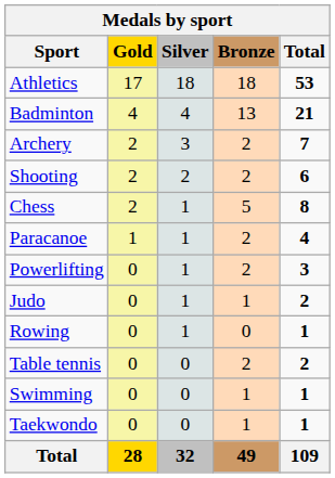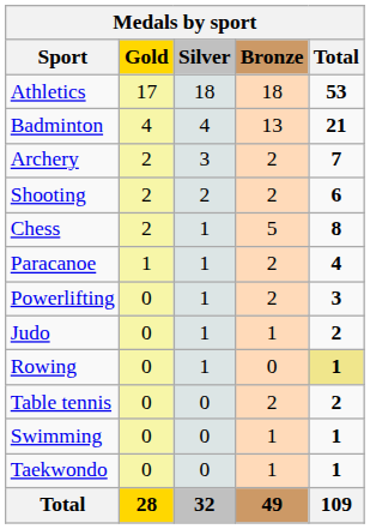 <table class="wikitable sortable collapsible"style="font-size:85%; text-align:center;">
 <tr style="background:#efefef;">
 <th colspan=5>Medals by sport</th>
 </tr>
 <tr>
 <th><strong>Sport</strong></th>
 <th style="background-color:gold;"><strong>Gold </strong></th>
 <th style="background-color:silver;"><strong>Silver </strong></th>
 <th style="background-color:#c96;"><strong>Bronze </strong></th>
 <th><strong>Total</strong></th>
 </tr>
 <tr>
 <td align=left> <a href='#'>Athletics</a></td>
 <td style="background:#F7F6A8;">17</td>
 <td style="background:#DCE5E5;">18</td>
 <td style="background:#FFDAB9;">18</td>
 <td><strong>53</strong></td>
 </tr>
 <tr>
 <td align=left> <a href='#'>Badminton</a></td>
 <td style="background:#F7F6A8;">4</td>
 <td style="background:#DCE5E5;">4</td>
 <td style="background:#FFDAB9;">13</td>
 <td><strong>21</strong></td>
 </tr>
 <tr>
 <td align=left> <a href='#'>Archery</a></td>
 <td style="background:#F7F6A8;">2</td>
 <td style="background:#DCE5E5;">3</td>
 <td style="background:#FFDAB9;">2</td>
 <td><strong>7</strong></td>
 </tr>
 <tr>
 <td align=left> <a href='#'>Shooting</a></td>
 <td style="background:#F7F6A8;">2</td>
 <td style="background:#DCE5E5;">2</td>
 <td style="background:#FFDAB9;">2</td>
 <td><strong>6</strong></td>
 </tr>
 <tr>
 <td align=left> <a href='#'>Chess</a></td>
 <td style="background:#F7F6A8;">2</td>
 <td style="background:#DCE5E5;">1</td>
 <td style="background:#FFDAB9;">5</td>
 <td><strong>8</strong></td>
 </tr>
 <tr>
 <td align=left> <a href='#'>Paracanoe</a></td>
 <td style="background:#F7F6A8;">1</td>
 <td style="background:#DCE5E5;">1</td>
 <td style="background:#FFDAB9;">2</td>
 <td><strong>4</strong></td>
 </tr>
 <tr>
 <td align=left> <a href='#'>Powerlifting</a></td>
 <td style="background:#F7F6A8;">0</td>
 <td style="background:#DCE5E5;">1</td>
 <td style="background:#FFDAB9;">2</td>
 <td><strong>3</strong></td>
 </tr>
 <tr>
 <td align=left> <a href='#'>Judo</a></td>
 <td style="background:#F7F6A8;">0</td>
 <td style="background:#DCE5E5;">1</td>
 <td style="background:#FFDAB9;">1</td>
 <td><strong>2</strong></td>
 </tr>
 <tr>
 <td align=left> <a href='#'>Rowing</a></td>
 <td style="background:#F7F6A8;">0</td>
 <td style="background:#DCE5E5;">1</td>
 <td style="background:#FFDAB9;">0</td>
-<td><strong>1</strong></td>
+<td style="background: khaki;"><strong>1</strong></td>
 </tr>
 <tr>
 <td align=left> <a href='#'>Table tennis</a></td>
 <td style="background:#F7F6A8;">0</td>
 <td style="background:#DCE5E5;">0</td>
 <td style="background:#FFDAB9;">2</td>
 <td><strong>2</strong></td>
 </tr>
 <tr>
 <td align=left> <a href='#'>Swimming</a></td>
 <td style="background:#F7F6A8;">0</td>
 <td style="background:#DCE5E5;">0</td>
 <td style="background:#FFDAB9;">1</td>
 <td><strong>1</strong></td>
 </tr>
 <tr>
 <td align=left> <a href='#'>Taekwondo</a></td>
 <td style="background:#F7F6A8;">0</td>
 <td style="background:#DCE5E5;">0</td>
 <td style="background:#FFDAB9;">1</td>
 <td><strong>1</strong></td>
 </tr>
 <tr>
 <th>Total</th>
 <th style="background:gold;">28</th>
 <th style="background:silver;">32</th>
 <th style="background:#c96;">49</th>
 <th>109</th>
 </tr>
 </table>
